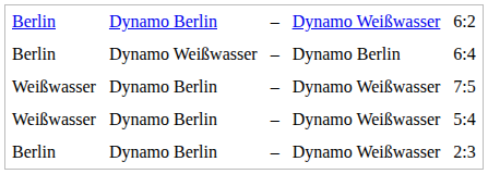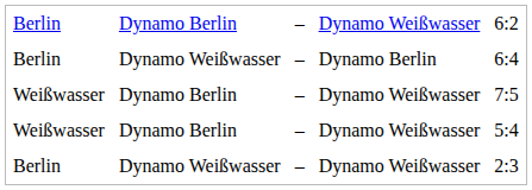 <table cellspacing="0" border="0" cellpadding="6" style="border:1px solid #bbb; background-color:#FFFFFF;">
 <tr>
 <td><a href='#'>Berlin</a></td>
 <td><a href='#'>Dynamo Berlin</a></td>
 <td>–</td>
 <td><a href='#'>Dynamo Weißwasser</a></td>
 <td>6:2</td>
 </tr>
 <tr>
 <td>Berlin</td>
 <td>Dynamo Weißwasser</td>
 <td>–</td>
 <td>Dynamo Berlin</td>
 <td>6:4</td>
 </tr>
 <tr>
 <td>Weißwasser</td>
 <td>Dynamo Berlin</td>
 <td>–</td>
 <td>Dynamo Weißwasser</td>
 <td>7:5</td>
 </tr>
 <tr>
 <td>Weißwasser</td>
 <td>Dynamo Berlin</td>
 <td>–</td>
 <td>Dynamo Weißwasser</td>
 <td>5:4</td>
 </tr>
 <tr>
 <td>Berlin</td>
-<td>Dynamo Berlin</td>
+<td>Dynamo Weißwasser</td>
 <td>–</td>
 <td>Dynamo Weißwasser</td>
 <td>2:3</td>
 </tr>
 </table>
